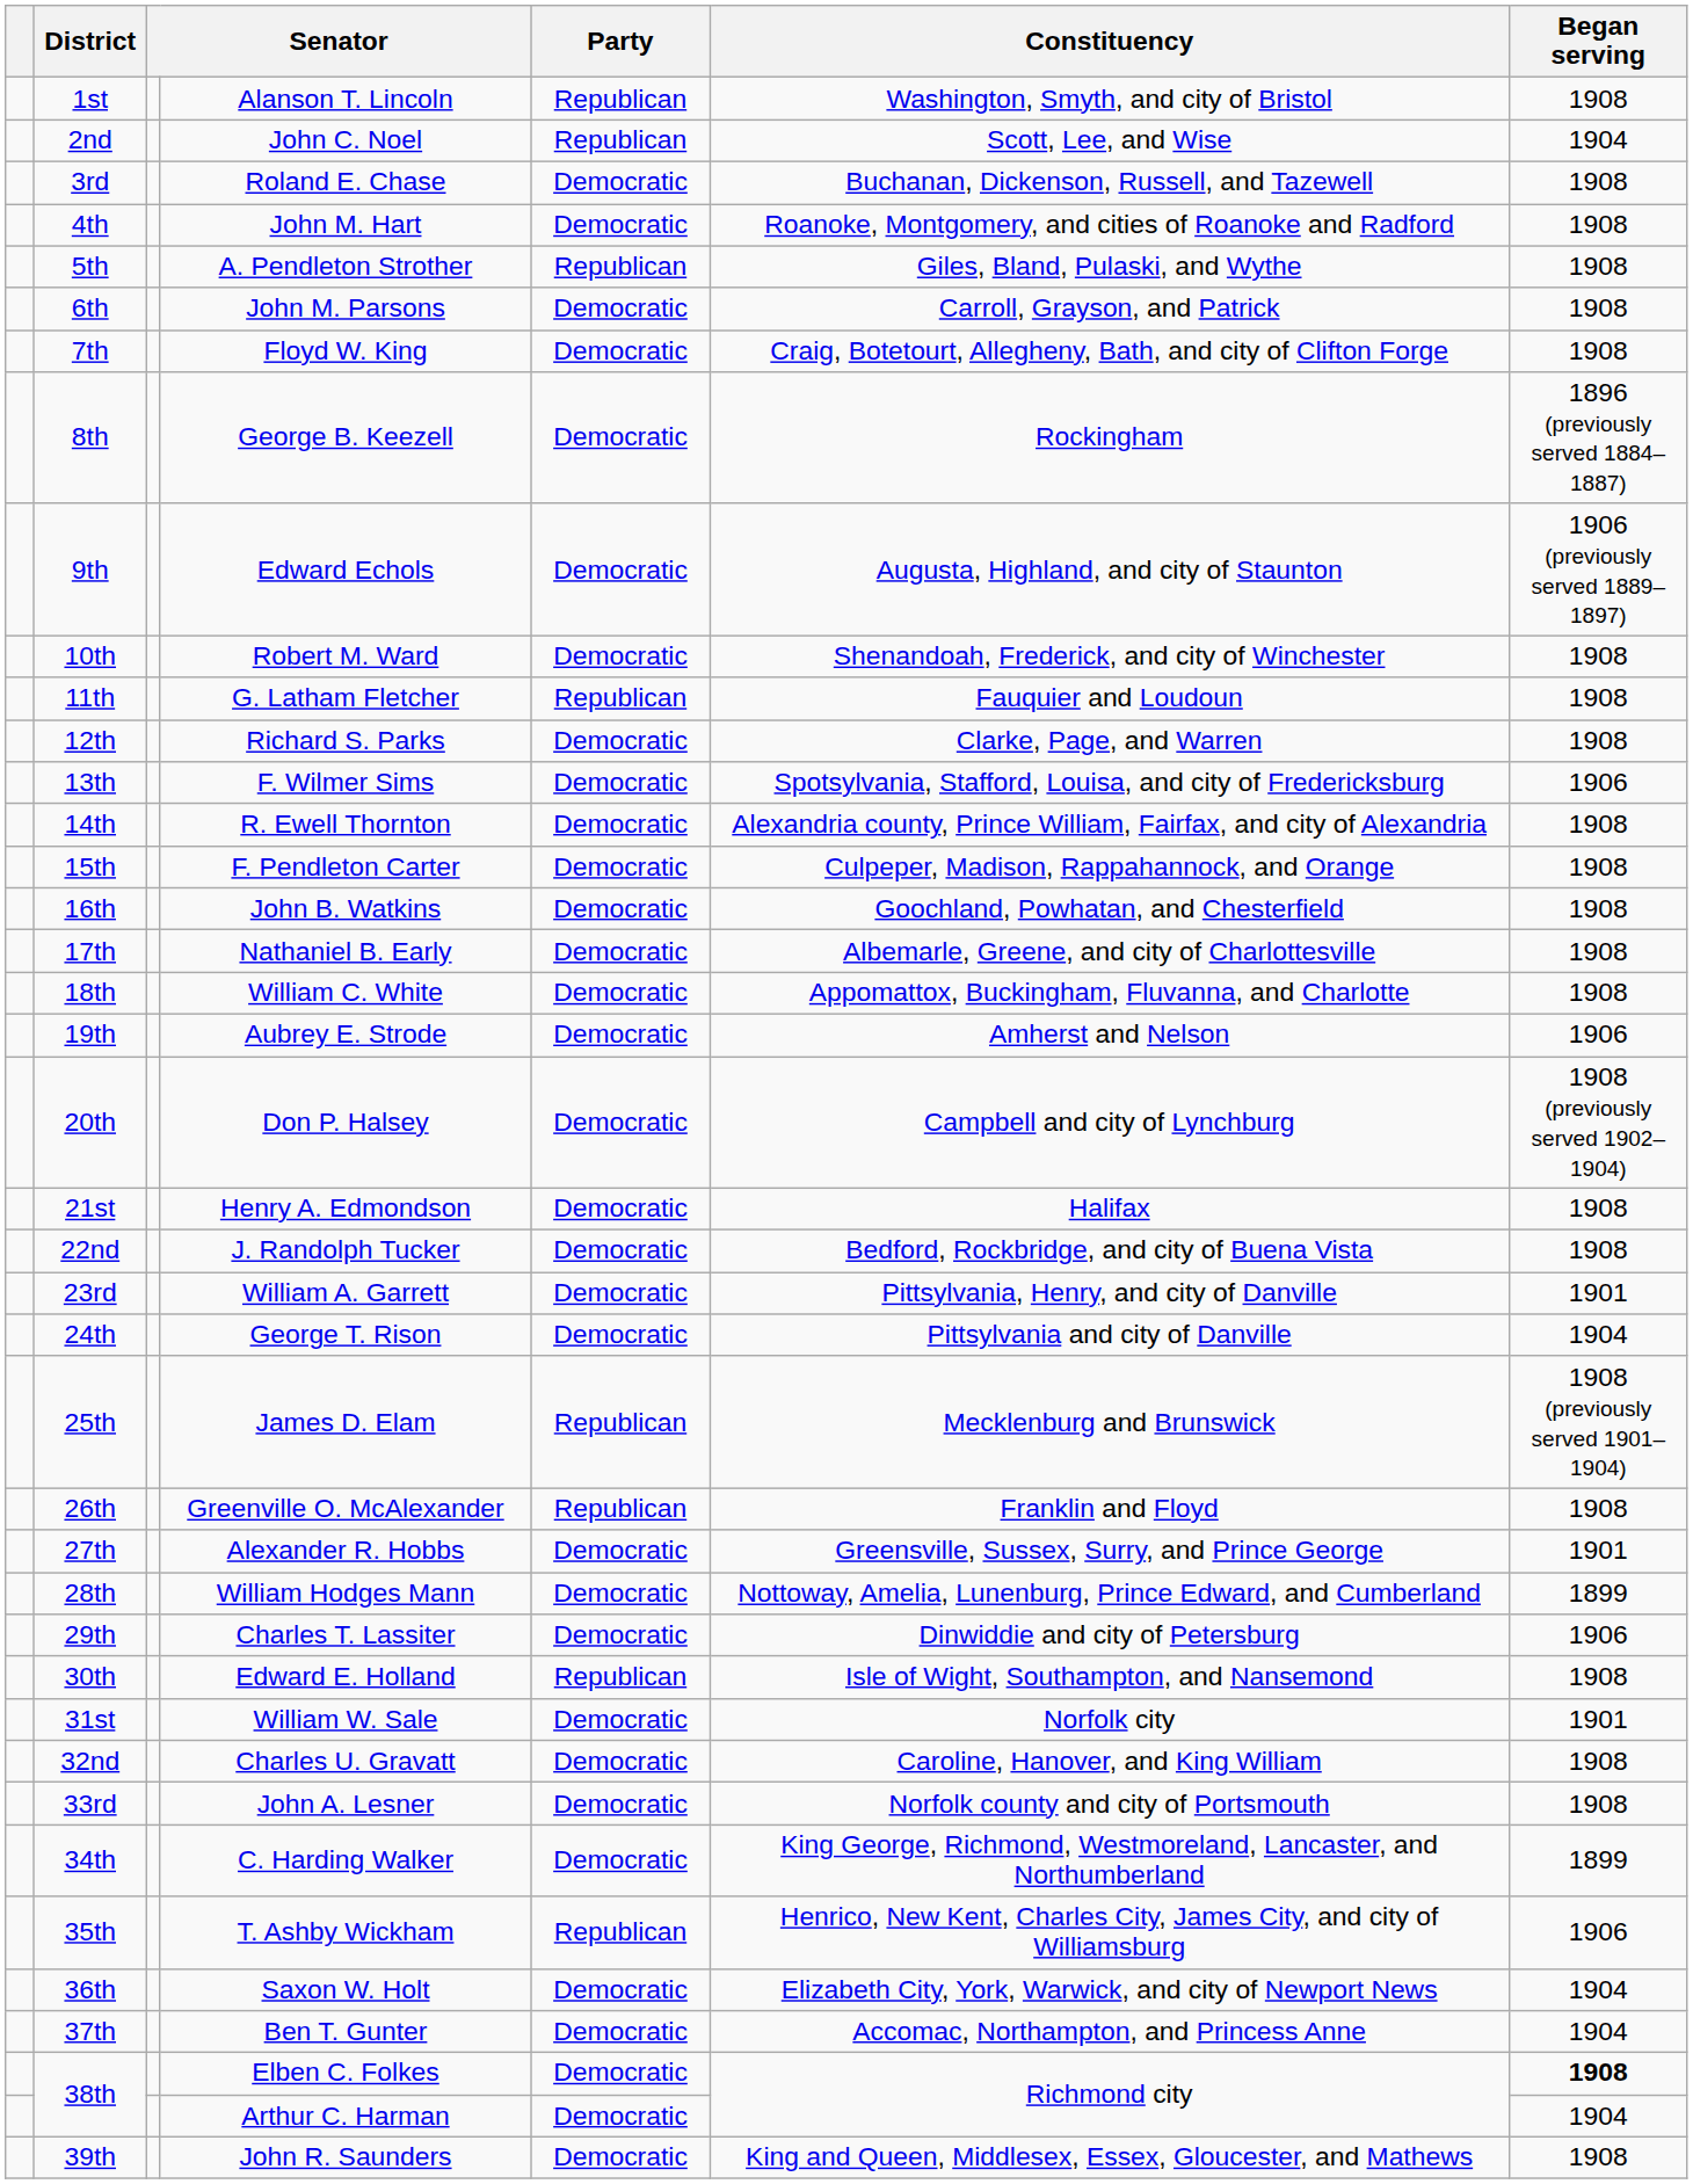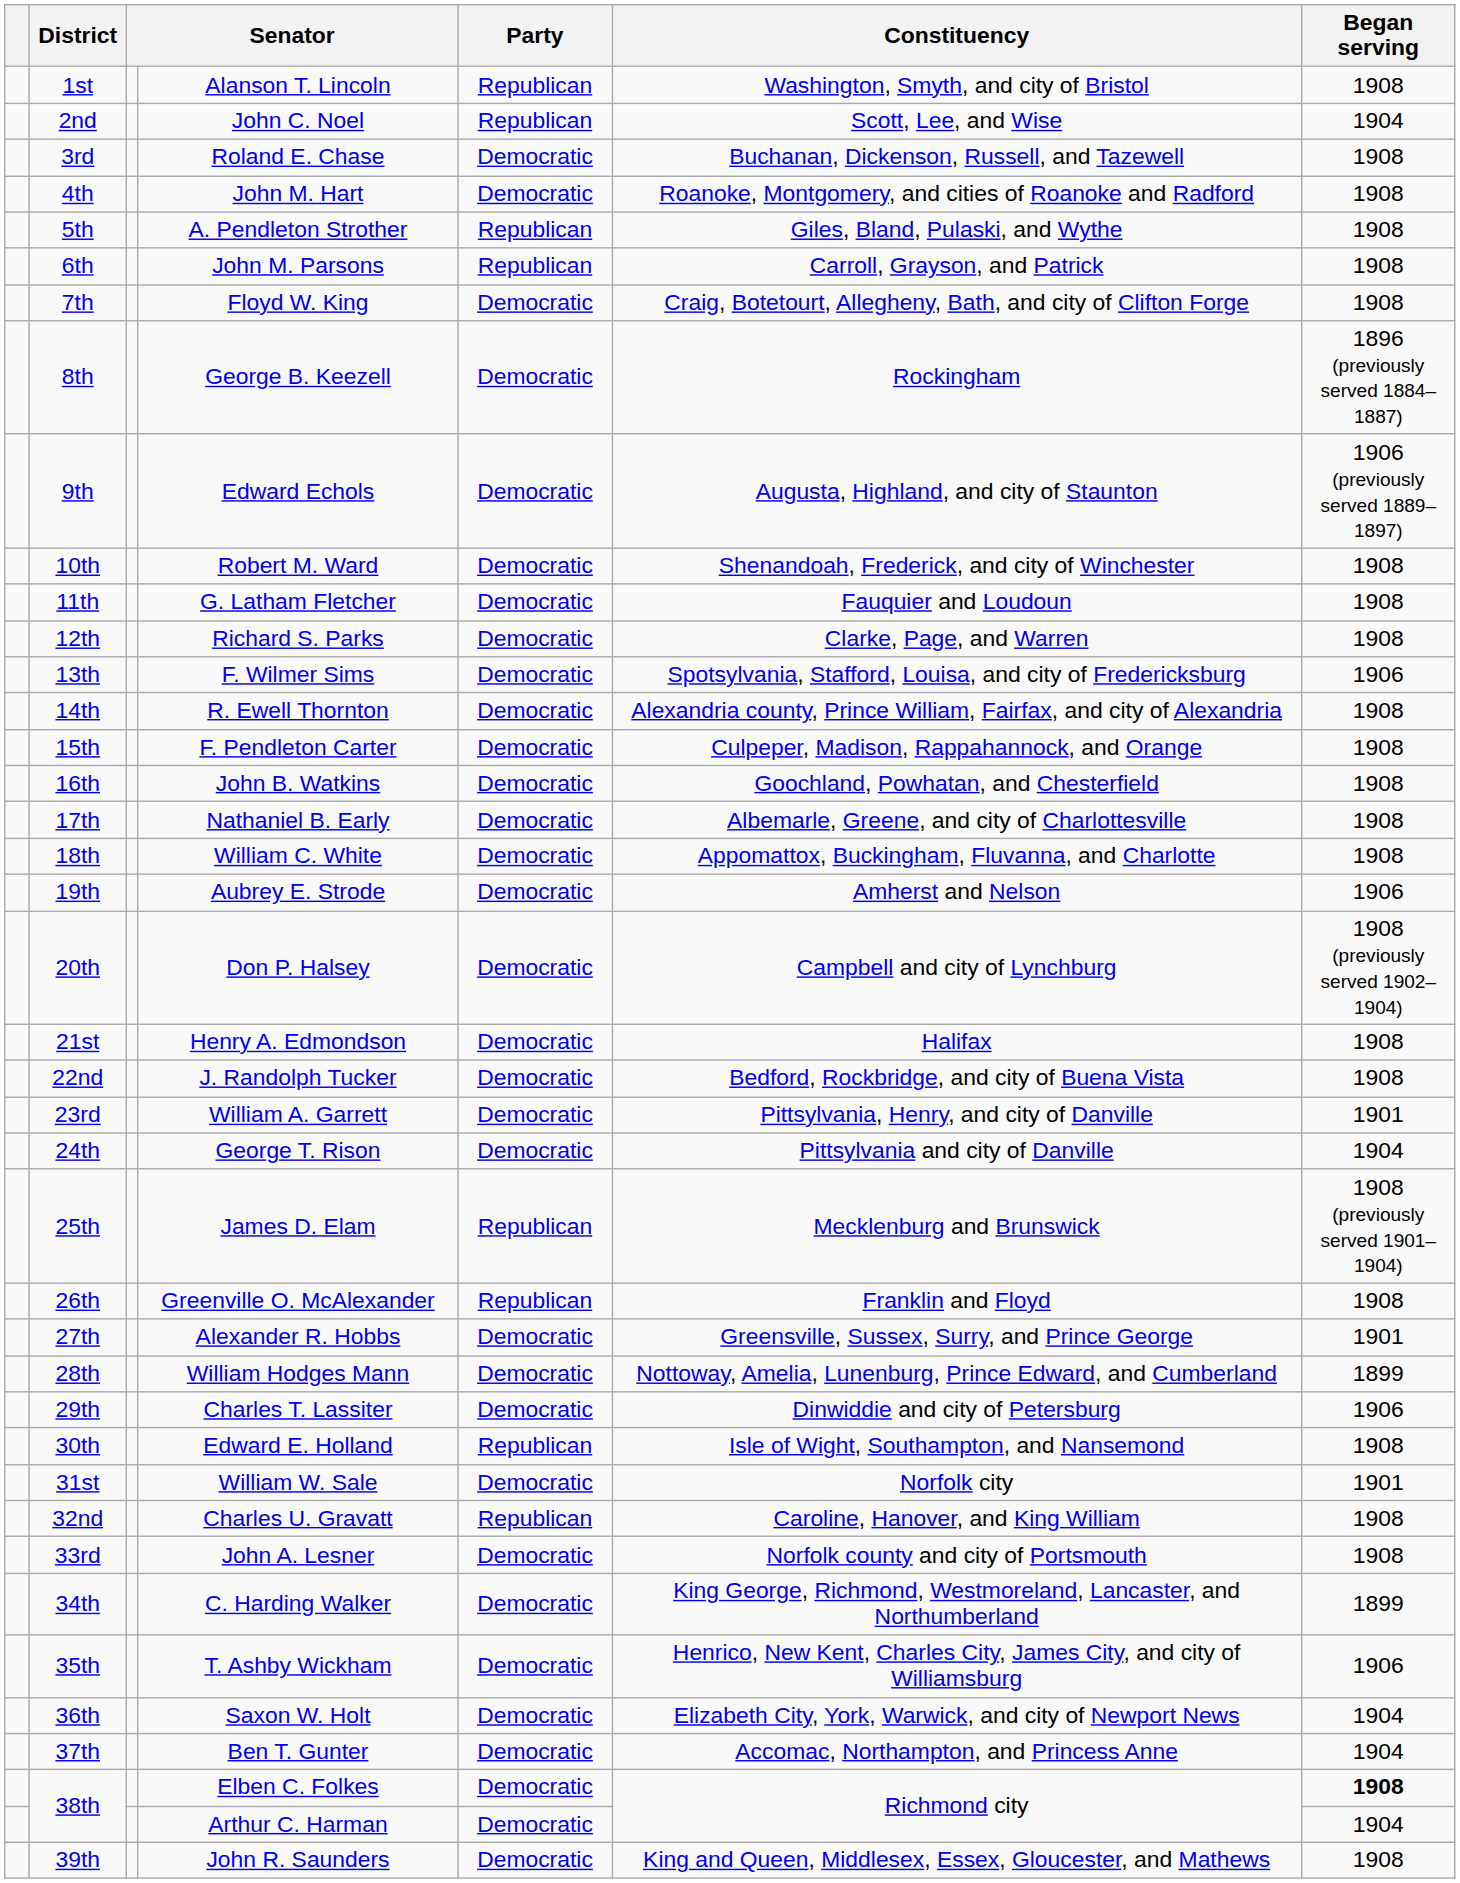 <table class="wikitable" style="text-align:center">
 <tr>
 <th width="10px"></th>
 <th width="60px">District</th>
 <th colspan=2 width="225px">Senator</th>
 <th width="100px">Party</th>
 <th width="475px">Constituency</th>
 <th width="100px">Began serving</th>
 </tr>
 <tr>
 <td style="background-color:"></td>
 <td><a href='#'>1st</a></td>
 <td></td>
 <td><a href='#'>Alanson T. Lincoln</a></td>
 <td><a href='#'>Republican</a></td>
 <td><a href='#'>Washington</a>, <a href='#'>Smyth</a>, and city of <a href='#'>Bristol</a></td>
 <td>1908</td>
 </tr>
 <tr>
 <td style="background-color:"></td>
 <td><a href='#'>2nd</a></td>
 <td></td>
 <td><a href='#'>John C. Noel</a></td>
 <td><a href='#'>Republican</a></td>
 <td><a href='#'>Scott</a>, <a href='#'>Lee</a>, and <a href='#'>Wise</a></td>
 <td>1904</td>
 </tr>
 <tr>
 <td style="background-color:"></td>
 <td><a href='#'>3rd</a></td>
 <td></td>
 <td><a href='#'>Roland E. Chase</a></td>
 <td><a href='#'>Democratic</a></td>
 <td><a href='#'>Buchanan</a>, <a href='#'>Dickenson</a>, <a href='#'>Russell</a>, and <a href='#'>Tazewell</a></td>
 <td>1908</td>
 </tr>
 <tr>
 <td style="background-color:"></td>
 <td><a href='#'>4th</a></td>
 <td></td>
 <td><a href='#'>John M. Hart</a></td>
 <td><a href='#'>Democratic</a></td>
 <td><a href='#'>Roanoke</a>, <a href='#'>Montgomery</a>, and cities of <a href='#'>Roanoke</a> and <a href='#'>Radford</a></td>
 <td>1908</td>
 </tr>
 <tr>
 <td style="background-color:"></td>
 <td><a href='#'>5th</a></td>
 <td></td>
 <td><a href='#'>A. Pendleton Strother</a></td>
 <td><a href='#'>Republican</a></td>
 <td><a href='#'>Giles</a>, <a href='#'>Bland</a>, <a href='#'>Pulaski</a>, and <a href='#'>Wythe</a></td>
 <td>1908</td>
 </tr>
 <tr>
 <td style="background-color:"></td>
 <td><a href='#'>6th</a></td>
 <td></td>
 <td><a href='#'>John M. Parsons</a></td>
-<td><a href='#'>Democratic</a></td>
+<td><a href='#'>Republican</a></td>
 <td><a href='#'>Carroll</a>, <a href='#'>Grayson</a>, and <a href='#'>Patrick</a></td>
 <td>1908</td>
 </tr>
 <tr>
 <td style="background-color:"></td>
 <td><a href='#'>7th</a></td>
 <td></td>
 <td><a href='#'>Floyd W. King</a></td>
 <td><a href='#'>Democratic</a></td>
 <td><a href='#'>Craig</a>, <a href='#'>Botetourt</a>, <a href='#'>Allegheny</a>, <a href='#'>Bath</a>, and city of <a href='#'>Clifton Forge</a></td>
 <td>1908</td>
 </tr>
 <tr>
 <td style="background-color:"></td>
 <td><a href='#'>8th</a></td>
 <td></td>
 <td><a href='#'>George B. Keezell</a></td>
 <td><a href='#'>Democratic</a></td>
 <td><a href='#'>Rockingham</a></td>
 <td>1896<br><small>(previously served 1884–1887)</small></td>
 </tr>
 <tr>
 <td style="background-color:"></td>
 <td><a href='#'>9th</a></td>
 <td></td>
 <td><a href='#'>Edward Echols</a></td>
 <td><a href='#'>Democratic</a></td>
 <td><a href='#'>Augusta</a>, <a href='#'>Highland</a>, and city of <a href='#'>Staunton</a></td>
 <td>1906<br><small>(previously served 1889–1897)</small></td>
 </tr>
 <tr>
 <td style="background-color:"></td>
 <td><a href='#'>10th</a></td>
 <td></td>
 <td><a href='#'>Robert M. Ward</a></td>
 <td><a href='#'>Democratic</a></td>
 <td><a href='#'>Shenandoah</a>, <a href='#'>Frederick</a>, and city of <a href='#'>Winchester</a></td>
 <td>1908</td>
 </tr>
 <tr>
 <td style="background-color:"></td>
 <td><a href='#'>11th</a></td>
 <td></td>
 <td><a href='#'>G. Latham Fletcher</a></td>
-<td><a href='#'>Republican</a></td>
+<td><a href='#'>Democratic</a></td>
 <td><a href='#'>Fauquier</a> and <a href='#'>Loudoun</a></td>
 <td>1908</td>
 </tr>
 <tr>
 <td style="background-color:"></td>
 <td><a href='#'>12th</a></td>
 <td></td>
 <td><a href='#'>Richard S. Parks</a></td>
 <td><a href='#'>Democratic</a></td>
 <td><a href='#'>Clarke</a>, <a href='#'>Page</a>, and <a href='#'>Warren</a></td>
 <td>1908</td>
 </tr>
 <tr>
 <td style="background-color:"></td>
 <td><a href='#'>13th</a></td>
 <td></td>
 <td><a href='#'>F. Wilmer Sims</a></td>
 <td><a href='#'>Democratic</a></td>
 <td><a href='#'>Spotsylvania</a>, <a href='#'>Stafford</a>, <a href='#'>Louisa</a>, and city of <a href='#'>Fredericksburg</a></td>
 <td>1906</td>
 </tr>
 <tr>
 <td style="background-color:"></td>
 <td><a href='#'>14th</a></td>
 <td></td>
 <td><a href='#'>R. Ewell Thornton</a></td>
 <td><a href='#'>Democratic</a></td>
 <td><a href='#'>Alexandria county</a>, <a href='#'>Prince William</a>, <a href='#'>Fairfax</a>, and city of <a href='#'>Alexandria</a></td>
 <td>1908</td>
 </tr>
 <tr>
 <td style="background-color:"></td>
 <td><a href='#'>15th</a></td>
 <td></td>
 <td><a href='#'>F. Pendleton Carter</a></td>
 <td><a href='#'>Democratic</a></td>
 <td><a href='#'>Culpeper</a>, <a href='#'>Madison</a>, <a href='#'>Rappahannock</a>, and <a href='#'>Orange</a></td>
 <td>1908</td>
 </tr>
 <tr>
 <td style="background-color:"></td>
 <td><a href='#'>16th</a></td>
 <td></td>
 <td><a href='#'>John B. Watkins</a></td>
 <td><a href='#'>Democratic</a></td>
 <td><a href='#'>Goochland</a>, <a href='#'>Powhatan</a>, and <a href='#'>Chesterfield</a></td>
 <td>1908</td>
 </tr>
 <tr>
 <td style="background-color:"></td>
 <td><a href='#'>17th</a></td>
 <td></td>
 <td><a href='#'>Nathaniel B. Early</a></td>
 <td><a href='#'>Democratic</a></td>
 <td><a href='#'>Albemarle</a>, <a href='#'>Greene</a>, and city of <a href='#'>Charlottesville</a></td>
 <td>1908</td>
 </tr>
 <tr>
 <td style="background-color:"></td>
 <td><a href='#'>18th</a></td>
 <td></td>
 <td><a href='#'>William C. White</a></td>
 <td><a href='#'>Democratic</a></td>
 <td><a href='#'>Appomattox</a>, <a href='#'>Buckingham</a>, <a href='#'>Fluvanna</a>, and <a href='#'>Charlotte</a></td>
 <td>1908</td>
 </tr>
 <tr>
 <td style="background-color:"></td>
 <td><a href='#'>19th</a></td>
 <td></td>
 <td><a href='#'>Aubrey E. Strode</a></td>
 <td><a href='#'>Democratic</a></td>
 <td><a href='#'>Amherst</a> and <a href='#'>Nelson</a></td>
 <td>1906</td>
 </tr>
 <tr>
 <td style="background-color:"></td>
 <td><a href='#'>20th</a></td>
 <td></td>
 <td><a href='#'>Don P. Halsey</a></td>
 <td><a href='#'>Democratic</a></td>
 <td><a href='#'>Campbell</a> and city of <a href='#'>Lynchburg</a></td>
 <td>1908<br><small>(previously served 1902–1904)</small></td>
 </tr>
 <tr>
 <td style="background-color:"></td>
 <td><a href='#'>21st</a></td>
 <td></td>
 <td><a href='#'>Henry A. Edmondson</a></td>
 <td><a href='#'>Democratic</a></td>
 <td><a href='#'>Halifax</a></td>
 <td>1908</td>
 </tr>
 <tr>
 <td style="background-color:"></td>
 <td><a href='#'>22nd</a></td>
 <td></td>
 <td><a href='#'>J. Randolph Tucker</a></td>
 <td><a href='#'>Democratic</a></td>
 <td><a href='#'>Bedford</a>, <a href='#'>Rockbridge</a>, and city of <a href='#'>Buena Vista</a></td>
 <td>1908</td>
 </tr>
 <tr>
 <td style="background-color:"></td>
 <td><a href='#'>23rd</a></td>
 <td></td>
 <td><a href='#'>William A. Garrett</a></td>
 <td><a href='#'>Democratic</a></td>
 <td><a href='#'>Pittsylvania</a>, <a href='#'>Henry</a>, and city of <a href='#'>Danville</a></td>
 <td>1901</td>
 </tr>
 <tr>
 <td style="background-color:"></td>
 <td><a href='#'>24th</a></td>
 <td></td>
 <td><a href='#'>George T. Rison</a></td>
 <td><a href='#'>Democratic</a></td>
 <td><a href='#'>Pittsylvania</a> and city of <a href='#'>Danville</a></td>
 <td>1904</td>
 </tr>
 <tr>
 <td style="background-color:"></td>
 <td><a href='#'>25th</a></td>
 <td></td>
 <td><a href='#'>James D. Elam</a></td>
 <td><a href='#'>Republican</a></td>
 <td><a href='#'>Mecklenburg</a> and <a href='#'>Brunswick</a></td>
 <td>1908<br><small>(previously served 1901–1904)</small></td>
 </tr>
 <tr>
 <td style="background-color:"></td>
 <td><a href='#'>26th</a></td>
 <td></td>
 <td><a href='#'>Greenville O. McAlexander</a></td>
 <td><a href='#'>Republican</a></td>
 <td><a href='#'>Franklin</a> and <a href='#'>Floyd</a></td>
 <td>1908</td>
 </tr>
 <tr>
 <td style="background-color:"></td>
 <td><a href='#'>27th</a></td>
 <td></td>
 <td><a href='#'>Alexander R. Hobbs</a></td>
 <td><a href='#'>Democratic</a></td>
 <td><a href='#'>Greensville</a>, <a href='#'>Sussex</a>, <a href='#'>Surry</a>, and <a href='#'>Prince George</a></td>
 <td>1901</td>
 </tr>
 <tr>
 <td style="background-color:"></td>
 <td><a href='#'>28th</a></td>
 <td></td>
 <td><a href='#'>William Hodges Mann</a></td>
 <td><a href='#'>Democratic</a></td>
 <td><a href='#'>Nottoway</a>, <a href='#'>Amelia</a>, <a href='#'>Lunenburg</a>, <a href='#'>Prince Edward</a>, and <a href='#'>Cumberland</a></td>
 <td>1899</td>
 </tr>
 <tr>
 <td style="background-color:"></td>
 <td><a href='#'>29th</a></td>
 <td></td>
 <td><a href='#'>Charles T. Lassiter</a></td>
 <td><a href='#'>Democratic</a></td>
 <td><a href='#'>Dinwiddie</a> and city of <a href='#'>Petersburg</a></td>
 <td>1906</td>
 </tr>
 <tr>
 <td style="background-color:"></td>
 <td><a href='#'>30th</a></td>
 <td></td>
 <td><a href='#'>Edward E. Holland</a></td>
 <td><a href='#'>Republican</a></td>
 <td><a href='#'>Isle of Wight</a>, <a href='#'>Southampton</a>, and <a href='#'>Nansemond</a></td>
 <td>1908</td>
 </tr>
 <tr>
 <td style="background-color:"></td>
 <td><a href='#'>31st</a></td>
 <td></td>
 <td><a href='#'>William W. Sale</a></td>
 <td><a href='#'>Democratic</a></td>
 <td><a href='#'>Norfolk</a> city</td>
 <td>1901</td>
 </tr>
 <tr>
 <td style="background-color:"></td>
 <td><a href='#'>32nd</a></td>
 <td></td>
 <td><a href='#'>Charles U. Gravatt</a></td>
-<td><a href='#'>Democratic</a></td>
+<td><a href='#'>Republican</a></td>
 <td><a href='#'>Caroline</a>, <a href='#'>Hanover</a>, and <a href='#'>King William</a></td>
 <td>1908</td>
 </tr>
 <tr>
 <td style="background-color:"></td>
 <td><a href='#'>33rd</a></td>
 <td></td>
 <td><a href='#'>John A. Lesner</a></td>
 <td><a href='#'>Democratic</a></td>
 <td><a href='#'>Norfolk county</a> and city of <a href='#'>Portsmouth</a></td>
 <td>1908</td>
 </tr>
 <tr>
 <td style="background-color:"></td>
 <td><a href='#'>34th</a></td>
 <td></td>
 <td><a href='#'>C. Harding Walker</a></td>
 <td><a href='#'>Democratic</a></td>
 <td><a href='#'>King George</a>, <a href='#'>Richmond</a>, <a href='#'>Westmoreland</a>, <a href='#'>Lancaster</a>, and <a href='#'>Northumberland</a></td>
 <td>1899</td>
 </tr>
 <tr>
 <td style="background-color:"></td>
 <td><a href='#'>35th</a></td>
 <td></td>
 <td><a href='#'>T. Ashby Wickham</a></td>
-<td><a href='#'>Republican</a></td>
+<td><a href='#'>Democratic</a></td>
 <td><a href='#'>Henrico</a>, <a href='#'>New Kent</a>, <a href='#'>Charles City</a>, <a href='#'>James City</a>, and city of <a href='#'>Williamsburg</a></td>
 <td>1906</td>
 </tr>
 <tr>
 <td style="background-color:"></td>
 <td><a href='#'>36th</a></td>
 <td></td>
 <td><a href='#'>Saxon W. Holt</a></td>
 <td><a href='#'>Democratic</a></td>
 <td><a href='#'>Elizabeth City</a>, <a href='#'>York</a>, <a href='#'>Warwick</a>, and city of <a href='#'>Newport News</a></td>
 <td>1904</td>
 </tr>
 <tr>
 <td style="background-color:"></td>
 <td><a href='#'>37th</a></td>
 <td></td>
 <td><a href='#'>Ben T. Gunter</a></td>
 <td><a href='#'>Democratic</a></td>
 <td><a href='#'>Accomac</a>, <a href='#'>Northampton</a>, and <a href='#'>Princess Anne</a></td>
 <td>1904</td>
 </tr>
 <tr>
 <td style="background-color:"></td>
 <td rowspan="2"><a href='#'>38th</a></td>
 <td></td>
 <td><a href='#'>Elben C. Folkes</a></td>
 <td><a href='#'>Democratic</a></td>
 <td rowspan="2"><a href='#'>Richmond</a> city</td>
 <td><strong>1908</strong></td>
 </tr>
 <tr>
 <td style="background-color:"></td>
 <td></td>
 <td><a href='#'>Arthur C. Harman</a></td>
 <td><a href='#'>Democratic</a></td>
 <td>1904</td>
 </tr>
 <tr>
 <td style="background-color:"></td>
 <td><a href='#'>39th</a></td>
 <td></td>
 <td><a href='#'>John R. Saunders</a></td>
 <td><a href='#'>Democratic</a></td>
 <td><a href='#'>King and Queen</a>, <a href='#'>Middlesex</a>, <a href='#'>Essex</a>, <a href='#'>Gloucester</a>, and <a href='#'>Mathews</a></td>
 <td>1908</td>
 </tr>
 </table>
